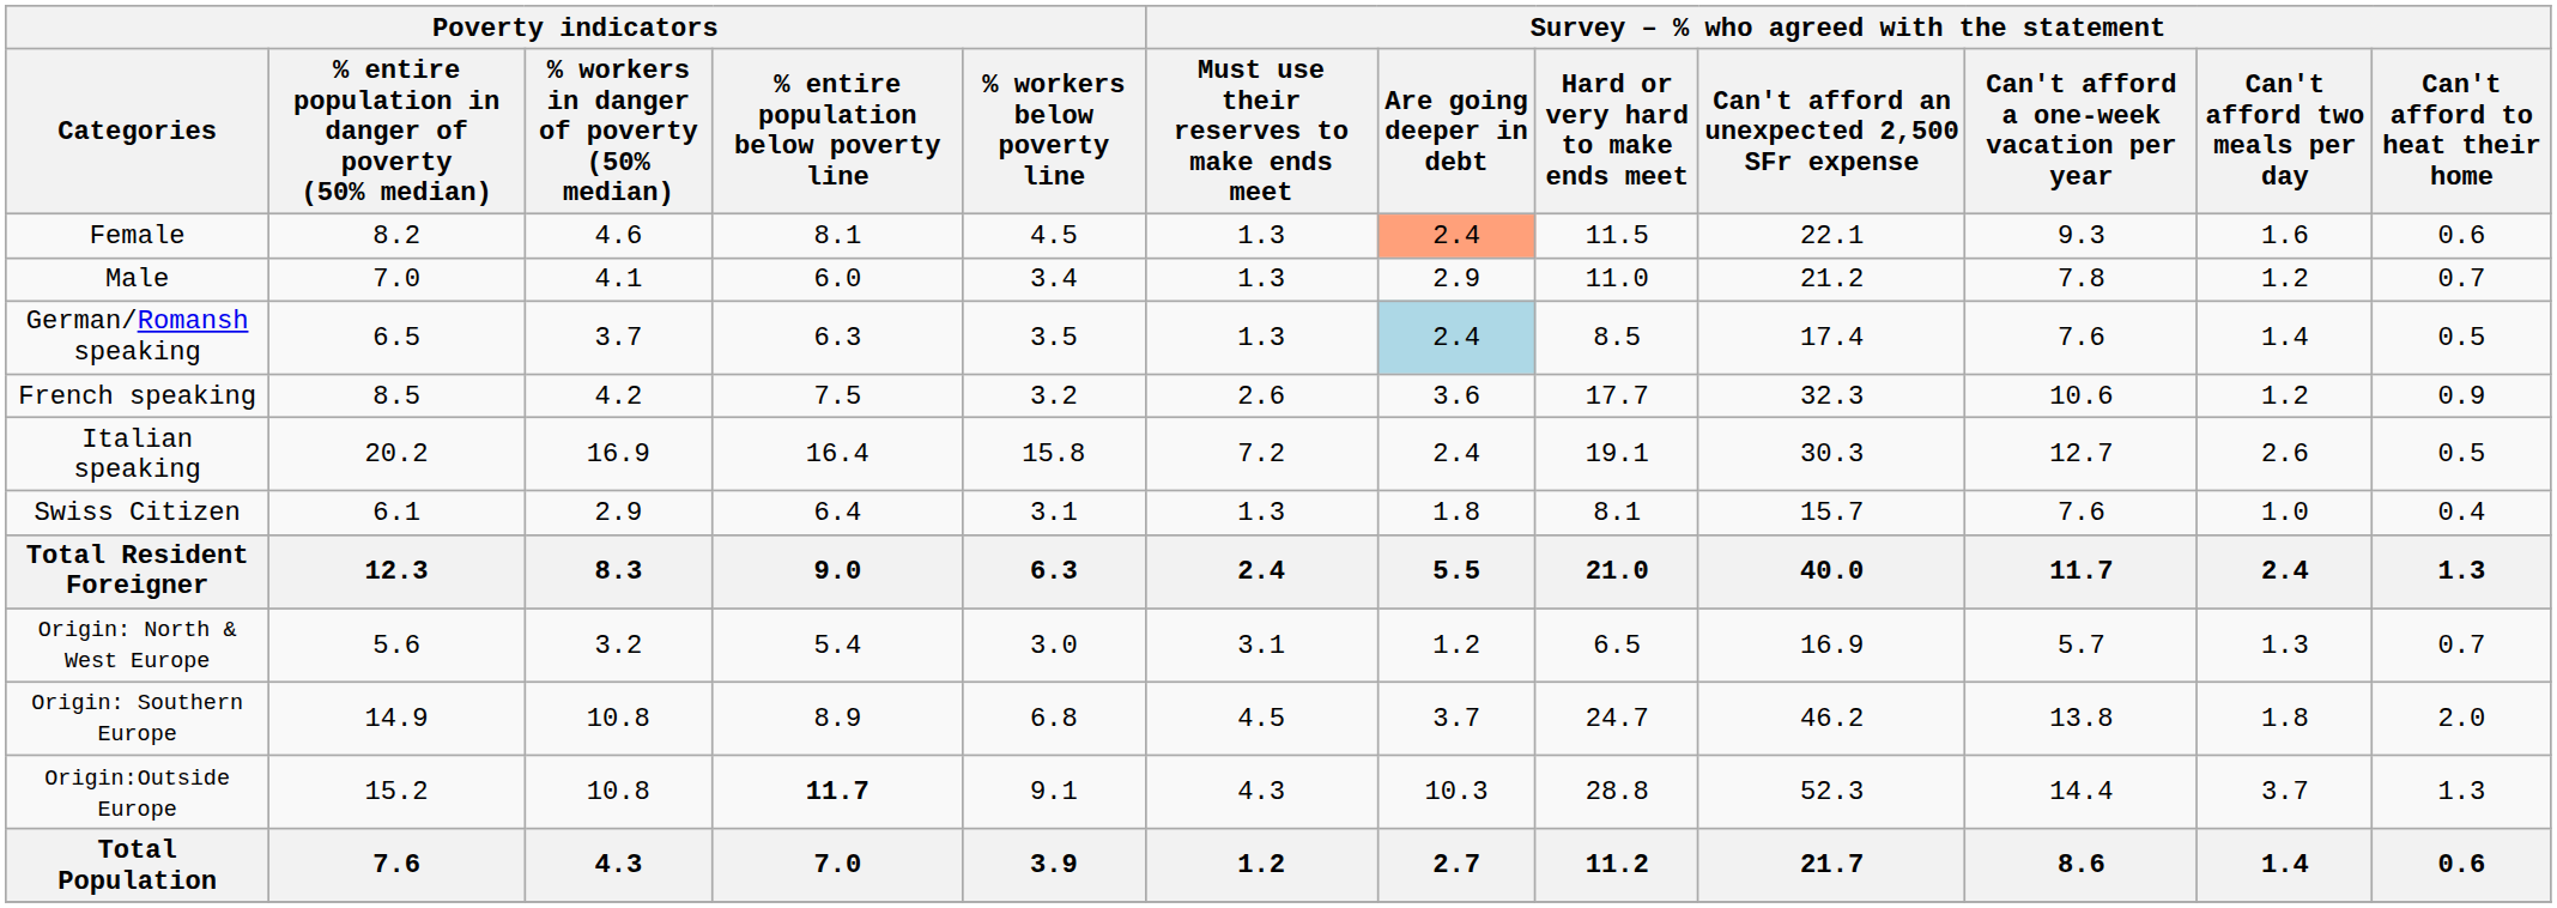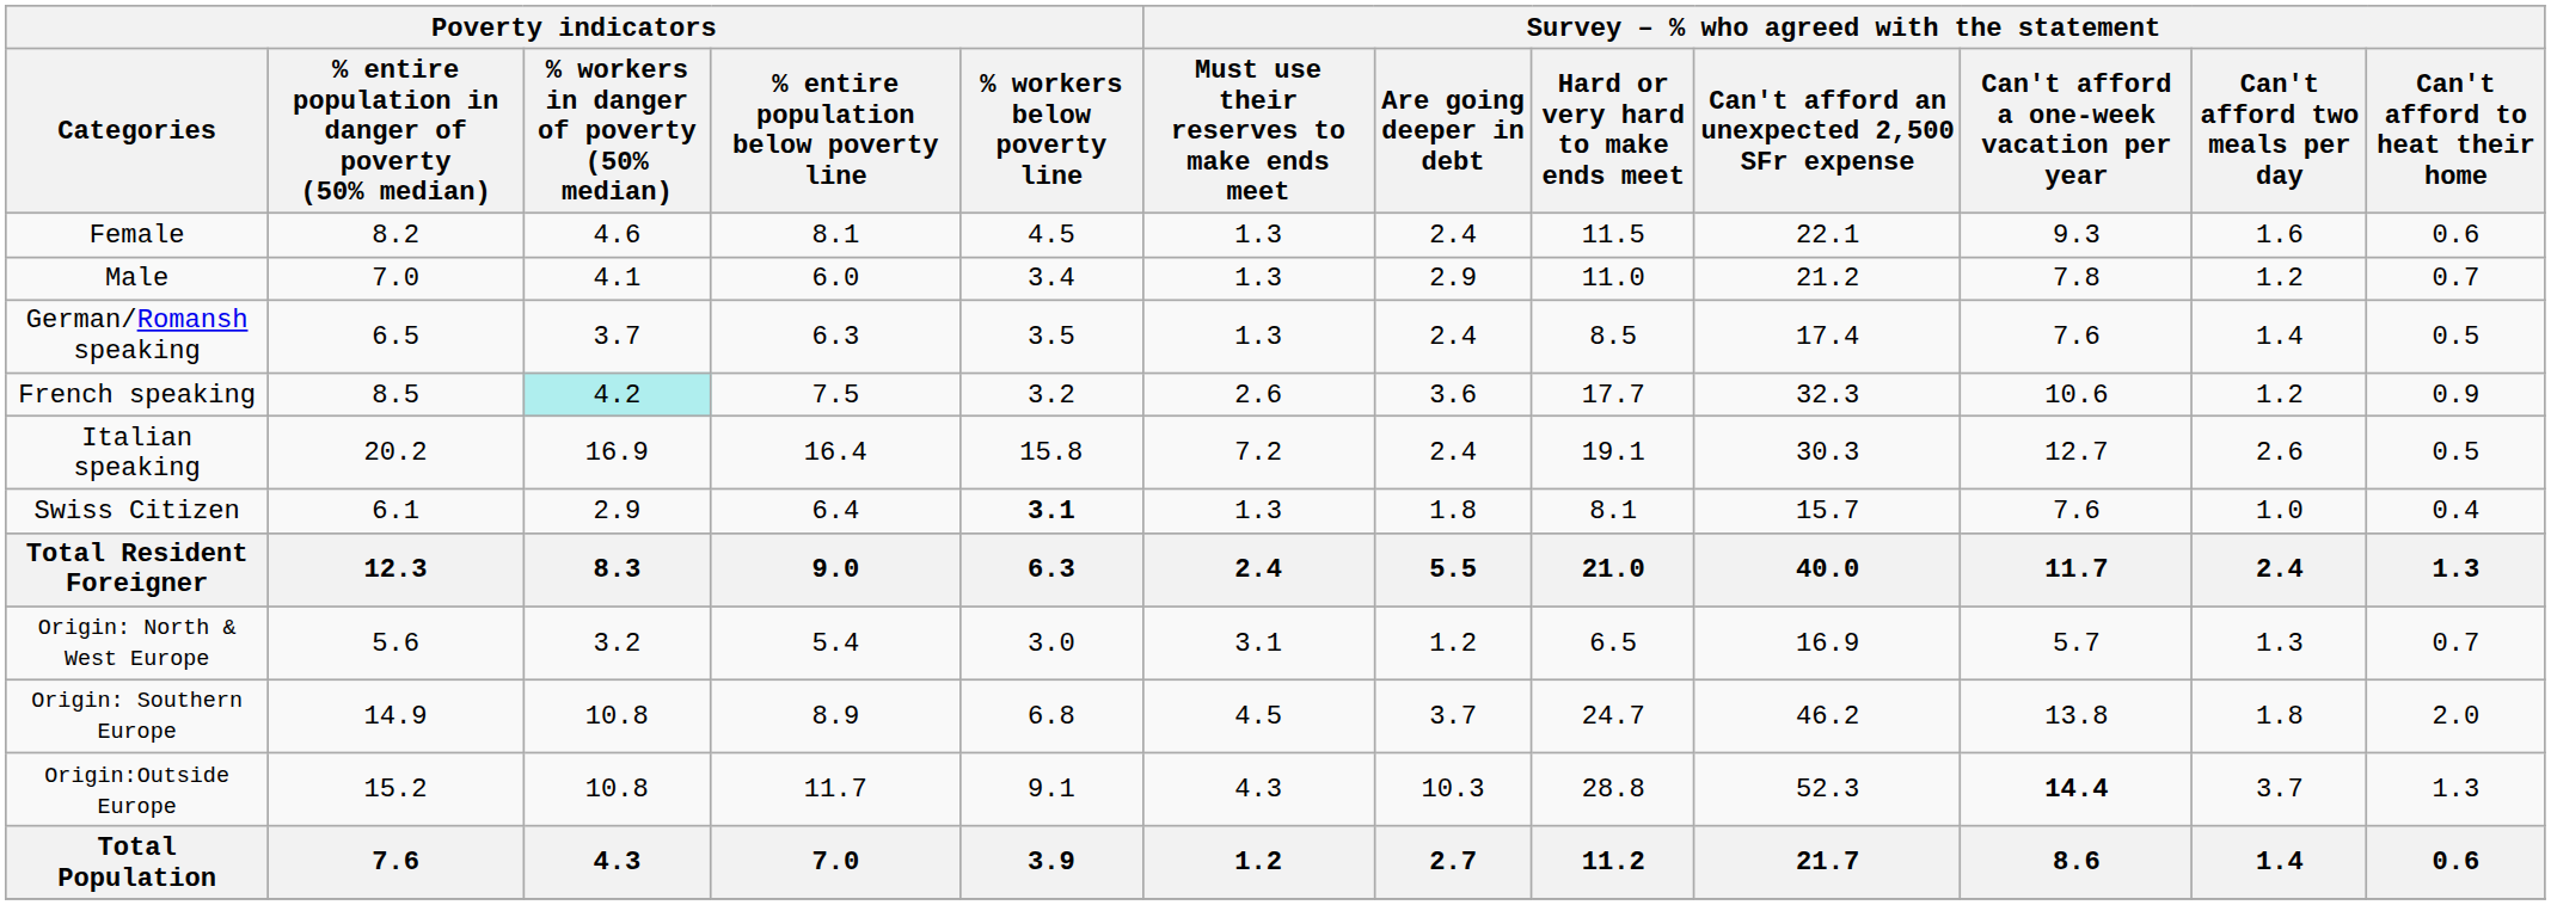 <table class="wikitable sortable collapsible collapsed" style="text-align: center;">
 <tr>
 <th Colspan="5">Poverty indicators</th>
 <th colspan="7">Survey – % who agreed with the statement</th>
 </tr>
 <tr>
 <th>Categories</th>
 <th>% entire population in danger of poverty<br>(50% median)</th>
 <th>% workers in danger of poverty<br>(50% median)</th>
 <th>% entire population below poverty line</th>
 <th>% workers below poverty line</th>
 <th>Must use their reserves to make ends meet</th>
 <th>Are going deeper in debt</th>
 <th>Hard or very hard to make ends meet</th>
 <th>Can't afford an unexpected 2,500 SFr expense</th>
 <th>Can't afford a one-week vacation per year</th>
 <th>Can't afford two meals per day</th>
 <th>Can't afford to heat their home</th>
 </tr>
 <tr>
 <td>Female</td>
 <td>8.2</td>
 <td>4.6</td>
 <td>8.1</td>
 <td>4.5</td>
 <td>1.3</td>
-<td style="background: lightsalmon;">2.4</td>
+<td>2.4</td>
 <td>11.5</td>
 <td>22.1</td>
 <td>9.3</td>
 <td>1.6</td>
 <td>0.6</td>
 </tr>
 <tr>
 <td>Male</td>
 <td>7.0</td>
 <td>4.1</td>
 <td>6.0</td>
 <td>3.4</td>
 <td>1.3</td>
 <td>2.9</td>
 <td>11.0</td>
 <td>21.2</td>
 <td>7.8</td>
 <td>1.2</td>
 <td>0.7</td>
 </tr>
 <tr>
 <td>German/<a href='#'>Romansh</a> speaking</td>
 <td>6.5</td>
 <td>3.7</td>
 <td>6.3</td>
 <td>3.5</td>
 <td>1.3</td>
-<td style="background: lightblue;">2.4</td>
+<td>2.4</td>
 <td>8.5</td>
 <td>17.4</td>
 <td>7.6</td>
 <td>1.4</td>
 <td>0.5</td>
 </tr>
 <tr>
 <td>French speaking</td>
 <td>8.5</td>
-<td>4.2</td>
+<td style="background: paleturquoise;">4.2</td>
 <td>7.5</td>
 <td>3.2</td>
 <td>2.6</td>
 <td>3.6</td>
 <td>17.7</td>
 <td>32.3</td>
 <td>10.6</td>
 <td>1.2</td>
 <td>0.9</td>
 </tr>
 <tr>
 <td>Italian speaking</td>
 <td>20.2</td>
 <td>16.9</td>
 <td>16.4</td>
 <td>15.8</td>
 <td>7.2</td>
 <td>2.4</td>
 <td>19.1</td>
 <td>30.3</td>
 <td>12.7</td>
 <td>2.6</td>
 <td>0.5</td>
 </tr>
 <tr>
 <td>Swiss Citizen</td>
 <td>6.1</td>
 <td>2.9</td>
 <td>6.4</td>
-<td>3.1</td>
+<td><strong>3.1</strong></td>
 <td>1.3</td>
 <td>1.8</td>
 <td>8.1</td>
 <td>15.7</td>
 <td>7.6</td>
 <td>1.0</td>
 <td>0.4</td>
 </tr>
 <tr>
 <th>Total Resident Foreigner</th>
 <th>12.3</th>
 <th>8.3</th>
 <th>9.0</th>
 <th>6.3</th>
 <th>2.4</th>
 <th>5.5</th>
 <th>21.0</th>
 <th>40.0</th>
 <th>11.7</th>
 <th>2.4</th>
 <th>1.3</th>
 </tr>
 <tr>
 <td><small>Origin: North & West Europe</small></td>
 <td>5.6</td>
 <td>3.2</td>
 <td>5.4</td>
 <td>3.0</td>
 <td>3.1</td>
 <td>1.2</td>
 <td>6.5</td>
 <td>16.9</td>
 <td>5.7</td>
 <td>1.3</td>
 <td>0.7</td>
 </tr>
 <tr>
 <td><small>Origin: Southern Europe</small></td>
 <td>14.9</td>
 <td>10.8</td>
 <td>8.9</td>
 <td>6.8</td>
 <td>4.5</td>
 <td>3.7</td>
 <td>24.7</td>
 <td>46.2</td>
 <td>13.8</td>
 <td>1.8</td>
 <td>2.0</td>
 </tr>
 <tr>
 <td><small>Origin:Outside Europe</small></td>
 <td>15.2</td>
 <td>10.8</td>
-<td><strong>11.7</strong></td>
+<td>11.7</td>
 <td>9.1</td>
 <td>4.3</td>
 <td>10.3</td>
 <td>28.8</td>
 <td>52.3</td>
-<td>14.4</td>
+<td><strong>14.4</strong></td>
 <td>3.7</td>
 <td>1.3</td>
 </tr>
 <tr>
 <th>Total Population</th>
 <th>7.6</th>
 <th>4.3</th>
 <th>7.0</th>
 <th>3.9</th>
 <th>1.2</th>
 <th>2.7</th>
 <th>11.2</th>
 <th>21.7</th>
 <th>8.6</th>
 <th>1.4</th>
 <th>0.6</th>
 </tr>
 <tr>
 </tr>
 </table>
